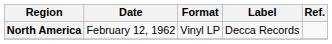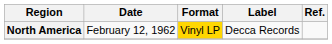 <table class="wikitable plainrowheaders">
 <tr>
 <th scope="col">Region</th>
 <th scope="col">Date</th>
 <th scope="col">Format</th>
 <th scope="col">Label</th>
 <th scope="col">Ref.</th>
 </tr>
 <tr>
 <th scope="row">North America</th>
 <td>February 12, 1962</td>
-<td>Vinyl LP</td>
+<td style="background: gold;">Vinyl LP</td>
 <td>Decca Records</td>
 <td></td>
 </tr>
 <tr>
 </tr>
 </table>
